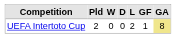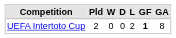 <table align=center cellspacing="0" cellpadding="3" style="border:1px solid #AAAAAA;font-size:90%">
 <tr bgcolor="#E4E4E4">
 <th style="border-bottom:1px solid #AAAAAA">Competition</th>
 <th style="border-bottom:1px solid #AAAAAA" align="center">Pld</th>
 <th style="border-bottom:1px solid #AAAAAA" align="center">W</th>
 <th style="border-bottom:1px solid #AAAAAA" align="center">D</th>
 <th style="border-bottom:1px solid #AAAAAA" align="center">L</th>
 <th style="border-bottom:1px solid #AAAAAA" align="center">GF</th>
 <th style="border-bottom:1px solid #AAAAAA" align="center">GA</th>
 </tr>
 <tr>
 <td><a href='#'>UEFA Intertoto Cup</a></td>
 <td align="center">2</td>
 <td align="center">0</td>
 <td align="center">0</td>
 <td align="center">2</td>
-<td align="center">1</td>
-<td align="center" style="background: khaki;">8</td>
+<td align="center"><strong>1</strong></td>
+<td align="center">8</td>
 </tr>
 <tr>
 </tr>
 </table>
